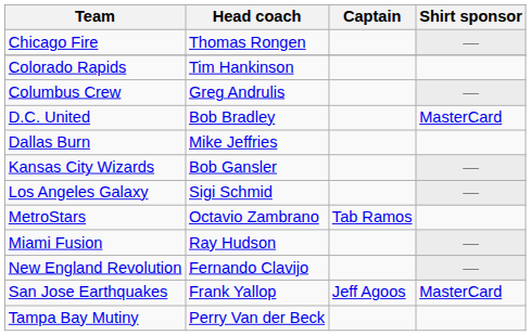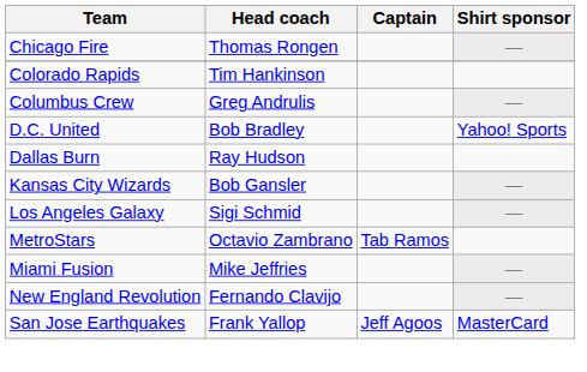 <table class="wikitable sortable" style="text-align: left;">
 <tr>
 <th>Team</th>
 <th>Head coach</th>
 <th>Captain</th>
 <th>Shirt sponsor</th>
 </tr>
 <tr>
 <td><a href='#'>Chicago Fire</a></td>
 <td> <a href='#'>Thomas Rongen</a></td>
 <td></td>
 <td align="center" colspan="1" style="background:#ececec; color:gray">—</td>
 </tr>
 <tr>
 </tr>
 <tr>
 <td><a href='#'>Colorado Rapids</a></td>
 <td> <a href='#'>Tim Hankinson</a></td>
 <td></td>
 <td></td>
 </tr>
 <tr>
 <td><a href='#'>Columbus Crew</a></td>
 <td> <a href='#'>Greg Andrulis</a></td>
 <td></td>
 <td align="center" colspan="1" style="background:#ececec; color:gray">—</td>
 </tr>
 <tr>
 <td><a href='#'>D.C. United</a></td>
 <td> <a href='#'>Bob Bradley</a></td>
 <td></td>
-<td><a href='#'>MasterCard</a></td>
+<td><a href='#'>Yahoo! Sports</a></td>
 </tr>
 <tr>
 <td><a href='#'>Dallas Burn</a></td>
-<td> <a href='#'>Mike Jeffries</a></td>
+<td> <a href='#'>Ray Hudson</a></td>
 <td></td>
 <td></td>
 </tr>
 <tr>
 <td><a href='#'>Kansas City Wizards</a></td>
 <td> <a href='#'>Bob Gansler</a></td>
 <td></td>
 <td align="center" colspan="1" style="background:#ececec; color:gray">—</td>
 </tr>
 <tr>
 <td><a href='#'>Los Angeles Galaxy</a></td>
 <td> <a href='#'>Sigi Schmid</a></td>
 <td></td>
 <td align="center" colspan="1" style="background:#ececec; color:gray">—</td>
 </tr>
 <tr>
 <td><a href='#'>MetroStars</a></td>
 <td> <a href='#'>Octavio Zambrano</a></td>
 <td> <a href='#'>Tab Ramos</a></td>
 <td></td>
 </tr>
 <tr>
 <td><a href='#'>Miami Fusion</a></td>
-<td> <a href='#'>Ray Hudson</a></td>
+<td> <a href='#'>Mike Jeffries</a></td>
 <td></td>
 <td align="center" colspan="1" style="background:#ececec; color:gray">—</td>
 </tr>
 <tr>
 <td><a href='#'>New England Revolution</a></td>
 <td> <a href='#'>Fernando Clavijo</a></td>
 <td></td>
 <td align="center" colspan="1" style="background:#ececec; color:gray">—</td>
 </tr>
 <tr>
 <td><a href='#'>San Jose Earthquakes</a></td>
 <td> <a href='#'>Frank Yallop</a></td>
 <td> <a href='#'>Jeff Agoos</a></td>
 <td><a href='#'>MasterCard</a></td>
 </tr>
-<tr>
-<td><a href='#'>Tampa Bay Mutiny</a></td>
-<td> <a href='#'>Perry Van der Beck</a></td>
-<td></td>
-<td></td>
-</tr>
 </table>
